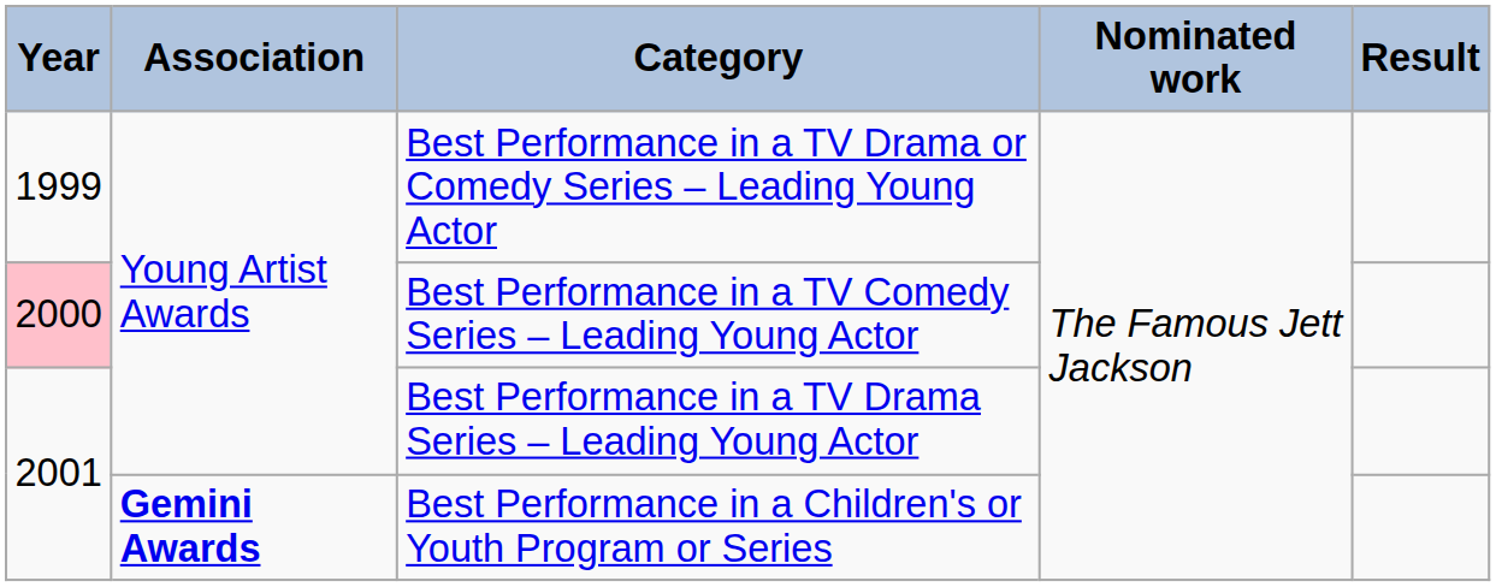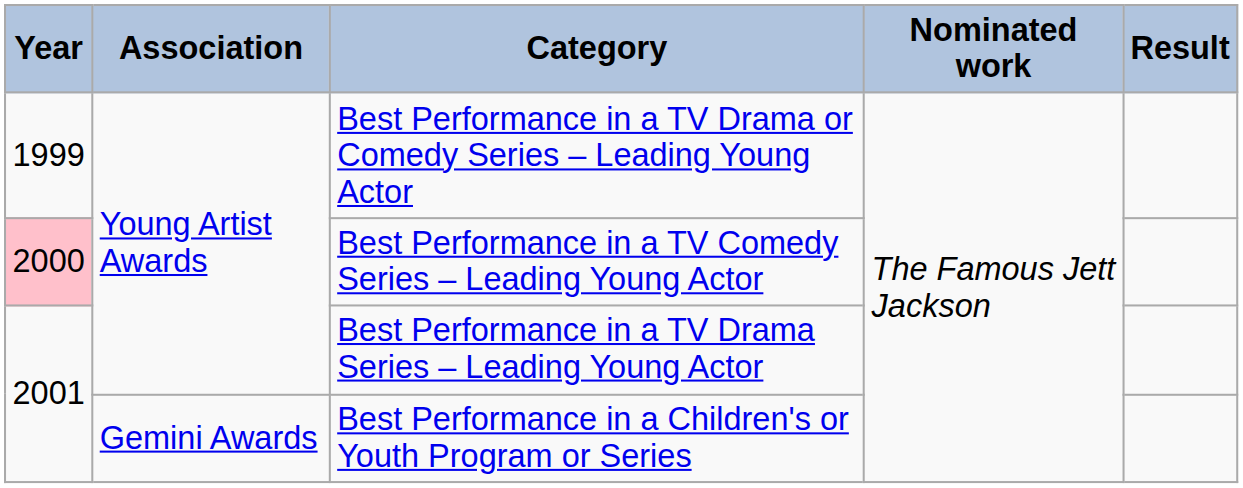 <table class="wikitable">
 <tr style="text-align:center;">
 <th style="background:#B0C4DE">Year</th>
 <th style="background:#B0C4DE">Association</th>
 <th style="background:#B0C4DE">Category</th>
 <th style="background:#B0C4DE">Nominated work</th>
 <th style="background:#B0C4DE">Result</th>
 </tr>
 <tr>
 <td>1999</td>
 <td rowspan=3><a href='#'>Young Artist Awards</a></td>
 <td><a href='#'>Best Performance in a TV Drama or Comedy Series – Leading Young Actor</a></td>
 <td rowspan=4><em>The Famous Jett Jackson</em></td>
 <td></td>
 </tr>
 <tr>
 <td style="background: pink;">2000</td>
 <td><a href='#'>Best Performance in a TV Comedy Series – Leading Young Actor</a></td>
 <td></td>
 </tr>
 <tr>
 <td rowspan=2>2001</td>
 <td><a href='#'>Best Performance in a TV Drama Series – Leading Young Actor</a></td>
 <td></td>
 </tr>
 <tr>
-<td><strong><a href='#'>Gemini Awards</a></strong></td>
+<td><a href='#'>Gemini Awards</a></td>
 <td><a href='#'>Best Performance in a Children's or Youth Program or Series</a></td>
 <td></td>
 </tr>
 </table>
